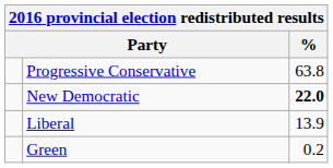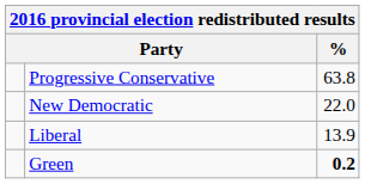 <table class="wikitable">
 <tr>
 <th colspan="4"><a href='#'>2016 provincial election</a> redistributed results</th>
 </tr>
 <tr>
 <th bgcolor="#DDDDFF" width="130px" colspan="2">Party</th>
 <th bgcolor="#DDDDFF" width="30px">%</th>
 </tr>
 <tr>
 <td> </td>
 <td><a href='#'>Progressive Conservative</a></td>
 <td align=right>63.8</td>
 </tr>
 <tr>
 <td> </td>
 <td><a href='#'>New Democratic</a></td>
-<td align=right><strong>22.0</strong></td>
+<td align=right>22.0</td>
 </tr>
 <tr>
 <td> </td>
 <td><a href='#'>Liberal</a></td>
 <td align=right>13.9</td>
 </tr>
 <tr>
 <td> </td>
 <td><a href='#'>Green</a></td>
-<td align=right>0.2</td>
+<td align=right><strong>0.2</strong></td>
 </tr>
 </table>
